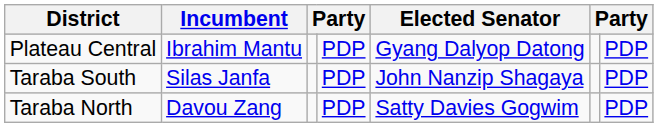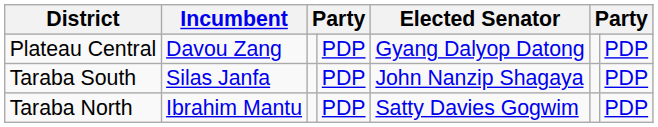 <table class="sortable wikitable" style="font-size:95%;line-height:14px;">
 <tr>
 <th class="unsortable">District</th>
 <th class="unsortable"><a href='#'>Incumbent</a></th>
 <th colspan="2">Party</th>
 <th class="unsortable">Elected Senator</th>
 <th colspan="2">Party</th>
 </tr>
 <tr>
 <td>Plateau Central</td>
-<td><a href='#'>Ibrahim Mantu</a></td>
+<td><a href='#'>Davou Zang</a></td>
 <td style="background:"></td>
 <td><a href='#'>PDP</a></td>
 <td><a href='#'>Gyang Dalyop Datong</a></td>
 <td style="background:"></td>
 <td><a href='#'>PDP</a></td>
 </tr>
 <tr>
 <td>Taraba South</td>
 <td><a href='#'>Silas Janfa</a></td>
 <td style="background:"></td>
 <td><a href='#'>PDP</a></td>
 <td><a href='#'>John Nanzip Shagaya</a></td>
 <td style="background:"></td>
 <td><a href='#'>PDP</a></td>
 </tr>
 <tr>
 <td>Taraba North</td>
-<td><a href='#'>Davou Zang</a></td>
+<td><a href='#'>Ibrahim Mantu</a></td>
 <td style="background:"></td>
 <td><a href='#'>PDP</a></td>
 <td><a href='#'>Satty Davies Gogwim</a></td>
 <td style="background:"></td>
 <td><a href='#'>PDP</a></td>
 </tr>
 </table>
